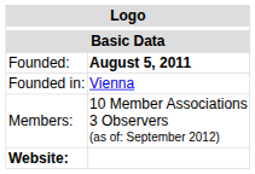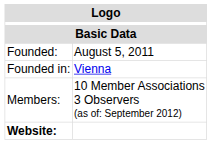 <table border="0" cellpadding="2" cellspacing="1" align="right" style="margin-left:1em; background:#DDDDDD;">
 <tr>
 <th colspan="2">Logo</th>
 </tr>
 <tr bgcolor="#FFFFFF">
 <td colspan="2" align="center"></td>
 </tr>
 <tr>
 <th colspan="2" align=center>Basic Data</th>
 </tr>
 <tr>
 </tr>
 <tr bgcolor="#FFFFFF">
 <td>Founded:</td>
-<td><strong>August 5, 2011</strong></td>
+<td>August 5, 2011</td>
 </tr>
 <tr bgcolor="#FFFFFF">
 <td>Founded in:</td>
 <td><a href='#'>Vienna</a></td>
 </tr>
 <tr bgcolor="#FFFFFF">
 <td>Members:</td>
 <td>10 Member Associations <br> 3 Observers <br><small>(as of: September 2012)</small></td>
 </tr>
 <tr bgcolor="#FFFFFF">
 <td><strong>Website:</strong></td>
 <td></td>
 </tr>
 </table>
